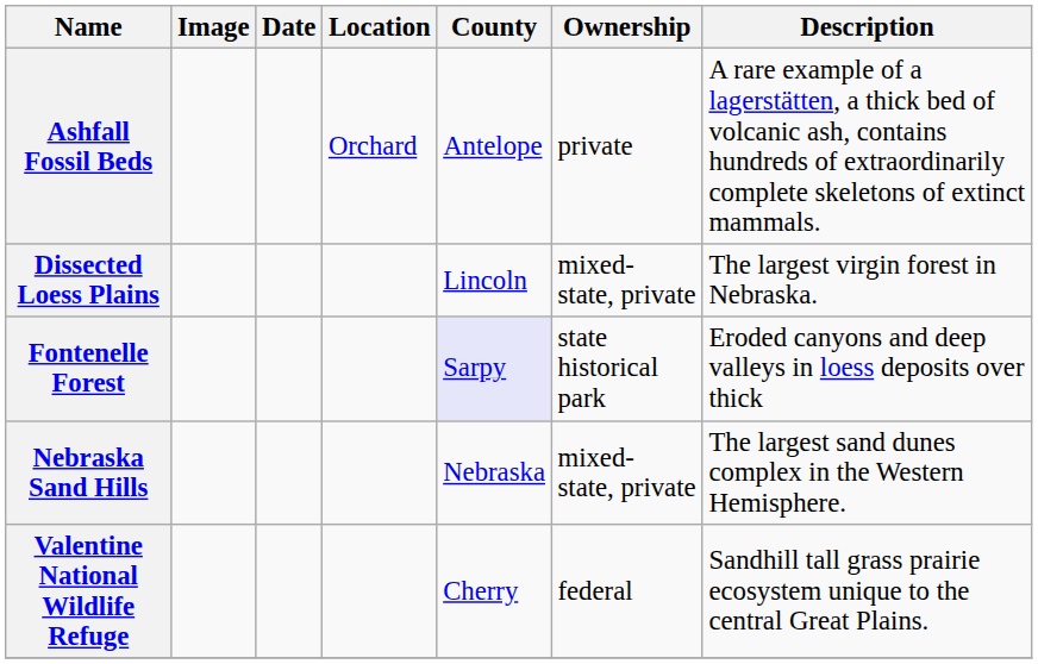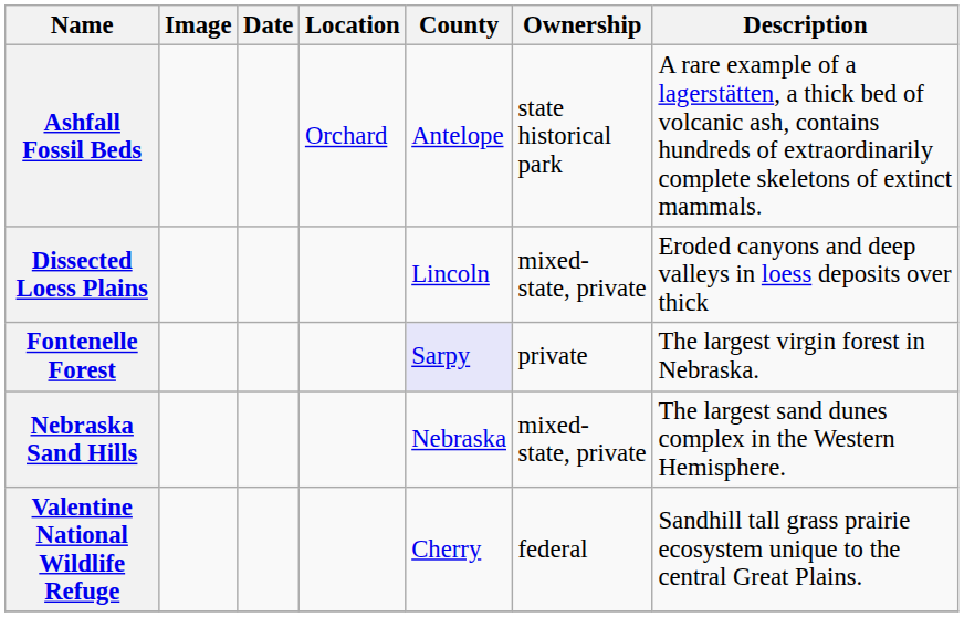 <table class="wikitable sortable" align="center">
 <tr>
 <th style="background-color:">Name</th>
 <th style="background-color:">Image</th>
 <th style="background-color:">Date</th>
 <th style="background-color:">Location</th>
 <th style="background-color:">County</th>
 <th style="background-color:">Ownership</th>
 <th style="background-color:">Description</th>
 </tr>
 <tr>
 <th><a href='#'>Ashfall Fossil Beds</a></th>
 <td></td>
 <td></td>
 <td><a href='#'>Orchard</a><small></small></td>
 <td><a href='#'>Antelope</a></td>
-<td>private</td>
+<td>state historical park</td>
 <td>A rare example of a <a href='#'>lagerstätten</a>, a thick bed of volcanic ash, contains hundreds of extraordinarily complete skeletons of extinct mammals.</td>
 </tr>
 <tr>
 <th><a href='#'>Dissected Loess Plains</a></th>
 <td></td>
 <td></td>
 <td></td>
 <td><a href='#'>Lincoln</a></td>
 <td>mixed- state, private</td>
-<td>The largest virgin forest in Nebraska.</td>
+<td>Eroded canyons and deep valleys in <a href='#'>loess</a> deposits over  thick</td>
 </tr>
 <tr>
 <th><a href='#'>Fontenelle Forest</a></th>
 <td></td>
 <td></td>
 <td></td>
 <td style="background: lavender;"><a href='#'>Sarpy</a></td>
-<td>state historical park</td>
-<td>Eroded canyons and deep valleys in <a href='#'>loess</a> deposits over  thick</td>
+<td>private</td>
+<td>The largest virgin forest in Nebraska.</td>
 </tr>
 <tr>
 <th><a href='#'>Nebraska Sand Hills</a></th>
 <td></td>
 <td></td>
 <td></td>
 <td><a href='#'>Nebraska</a></td>
 <td>mixed- state, private</td>
 <td>The largest sand dunes complex in the Western Hemisphere.</td>
 </tr>
 <tr>
 <th><a href='#'>Valentine National Wildlife Refuge</a></th>
 <td></td>
 <td></td>
 <td></td>
 <td><a href='#'>Cherry</a></td>
 <td>federal</td>
 <td>Sandhill tall grass prairie ecosystem unique to the central Great Plains.</td>
 </tr>
 <tr>
 </tr>
 </table>
